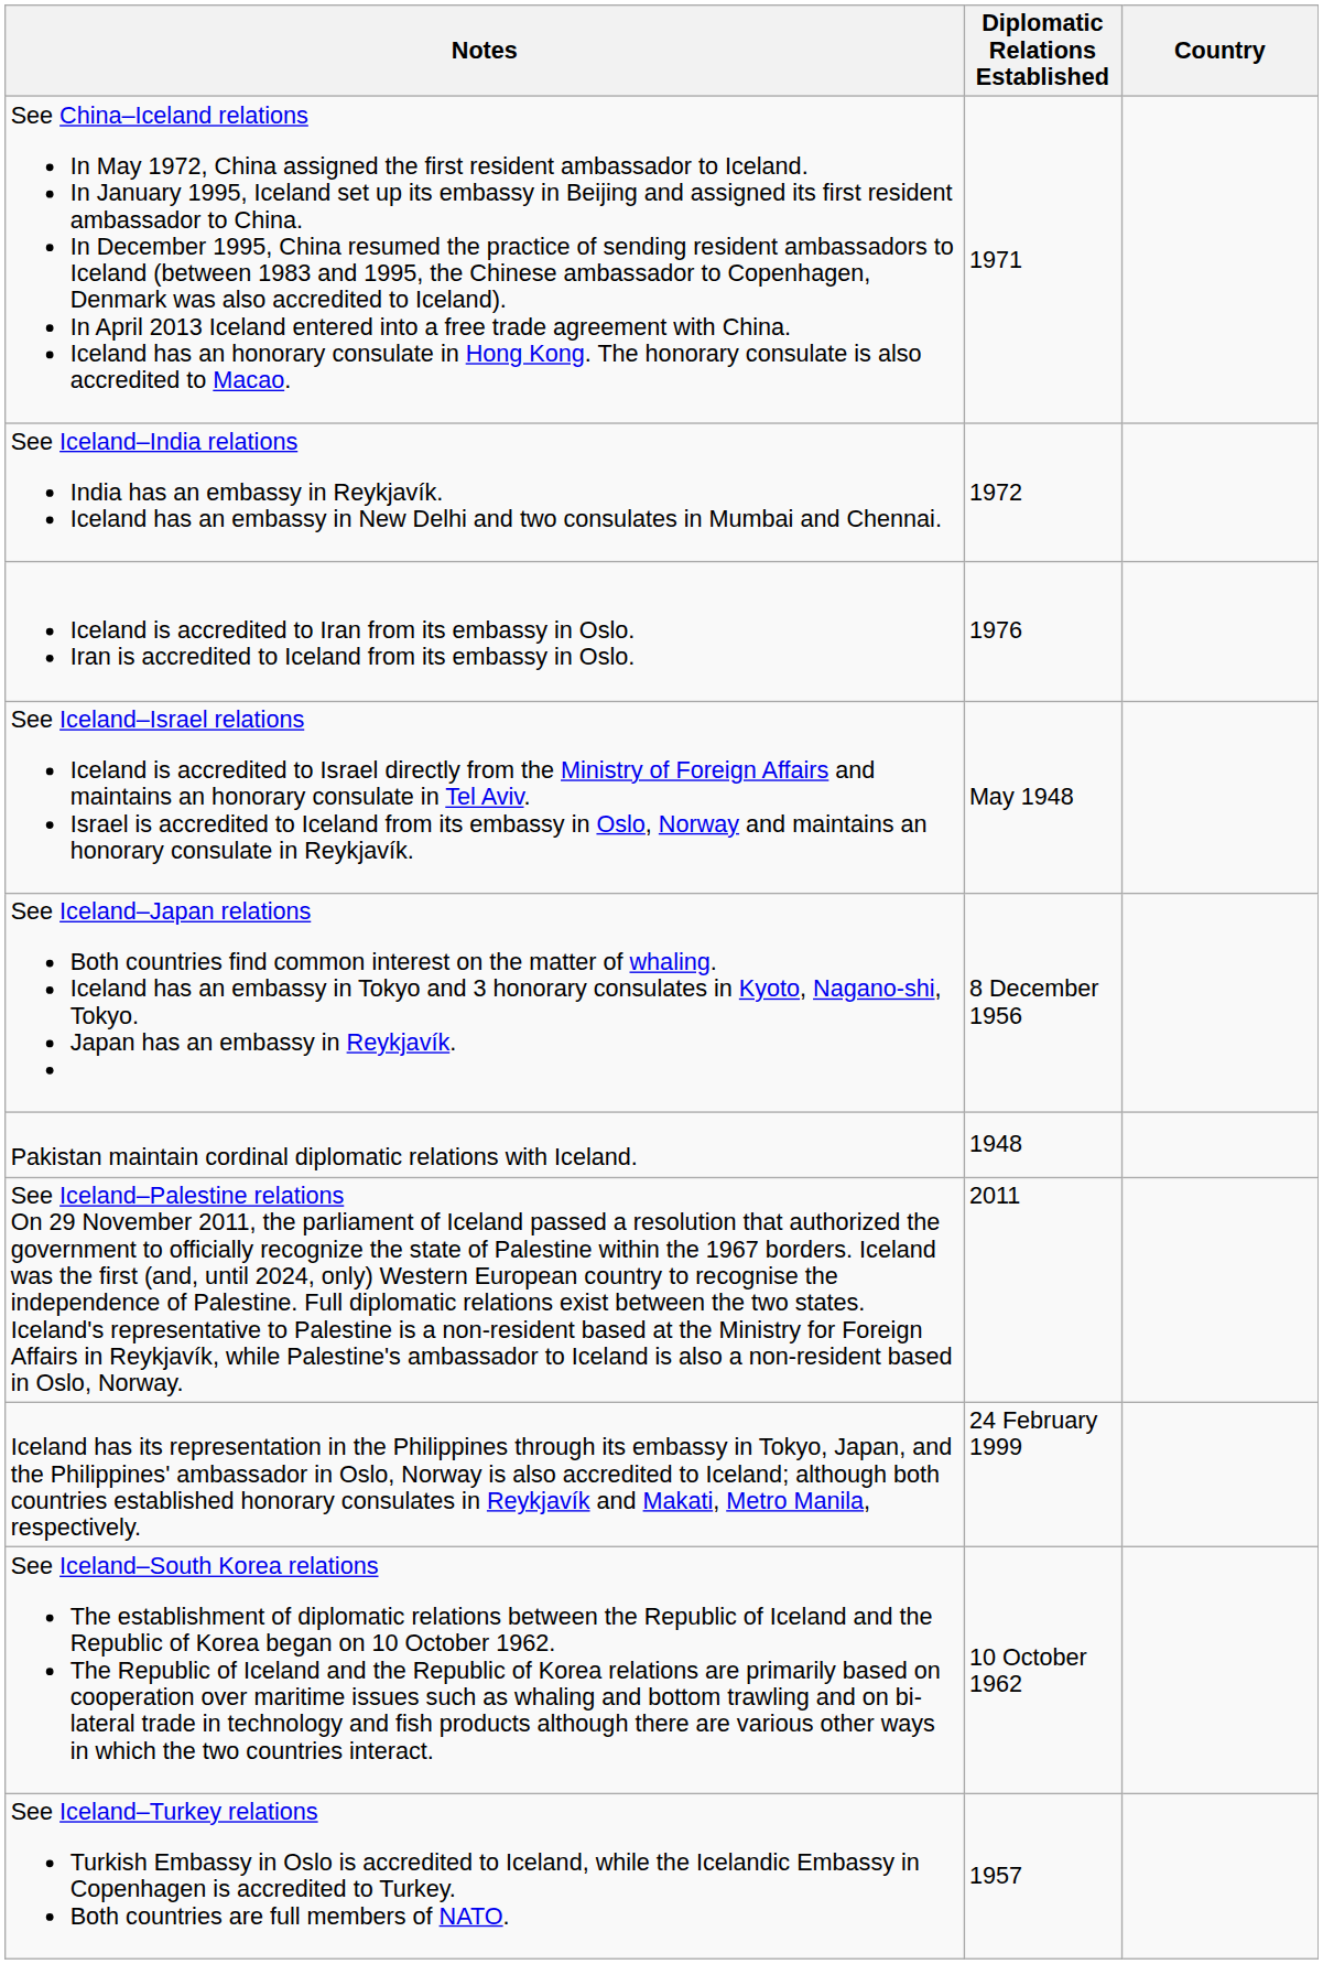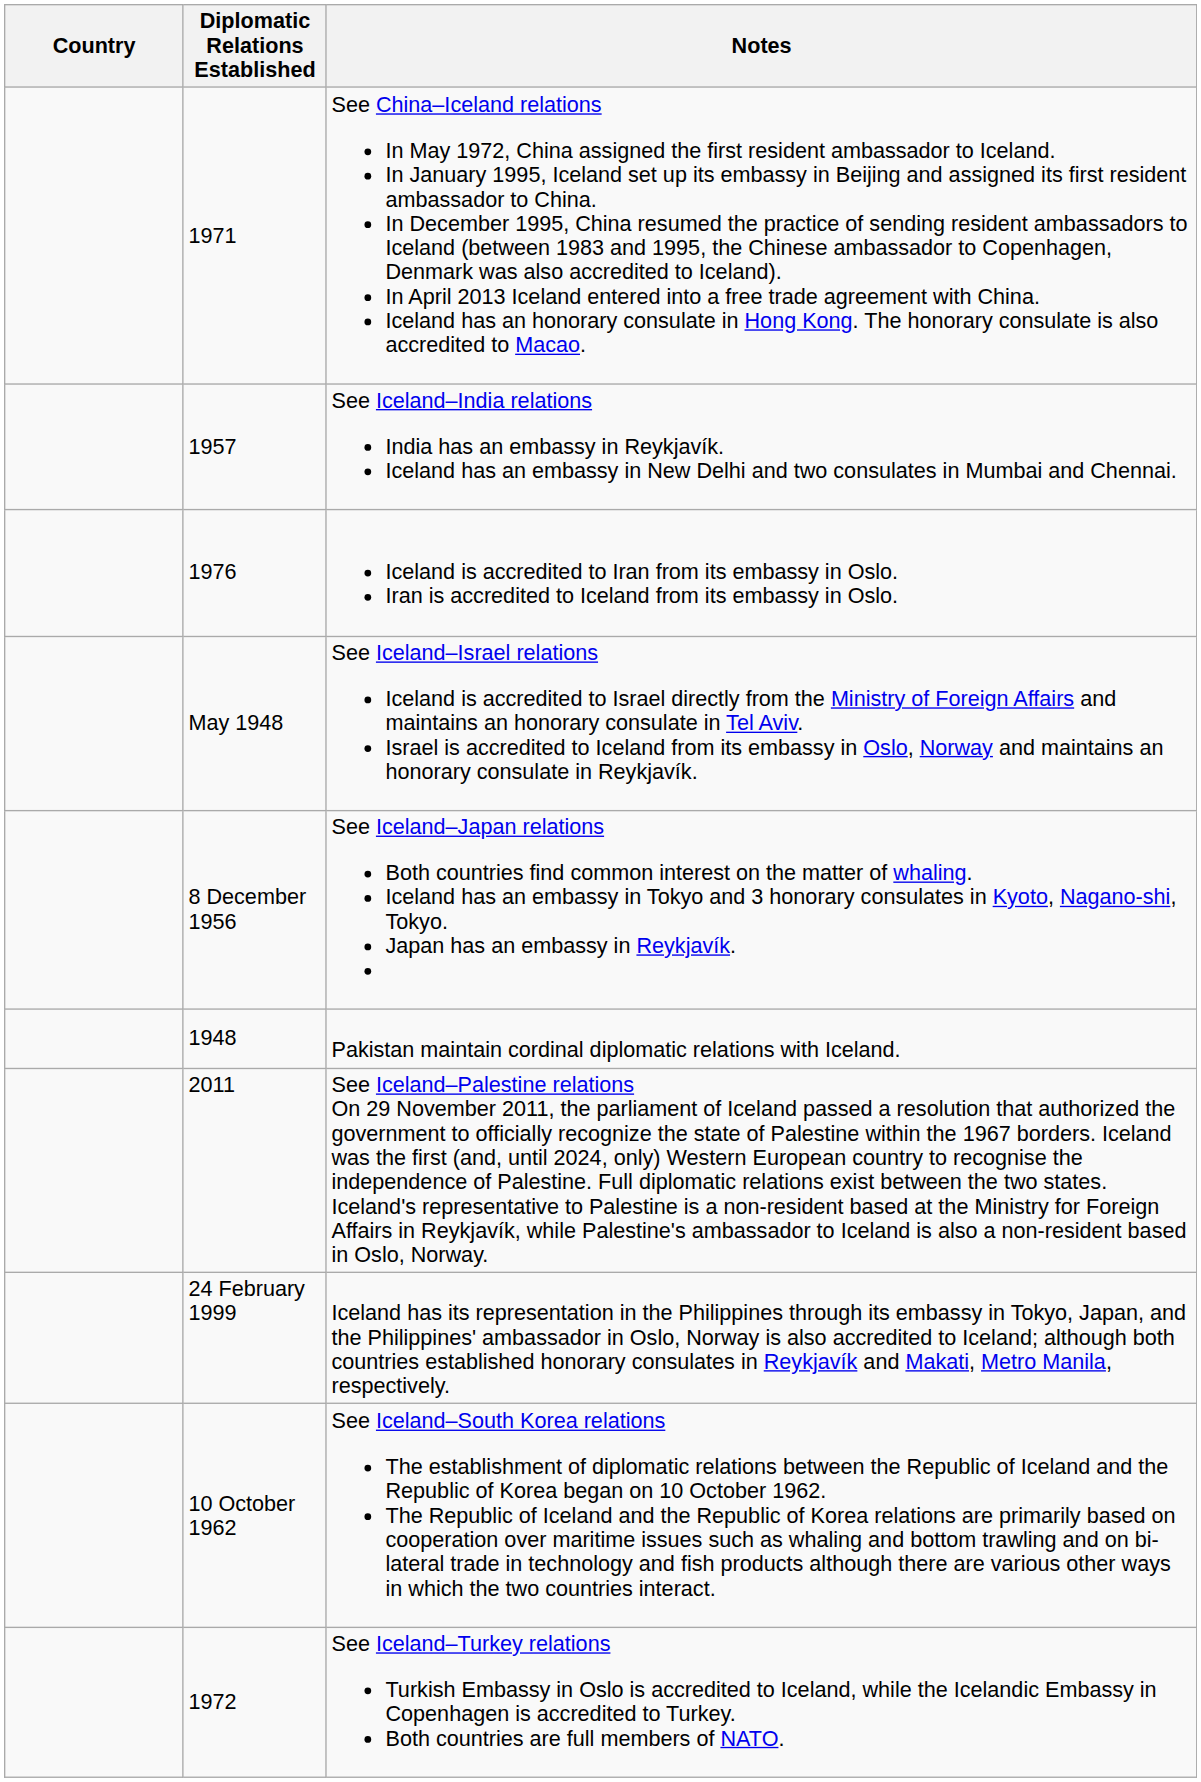 <table class="wikitable sortable" style="width:100%; margin:auto;">
 <tr>
+<th style="width:15%;">Country</th>
+<th style="width:12%;">Diplomatic Relations Established</th>
 <th>Notes</th>
-<th style="width:12%;">Diplomatic Relations Established</th>
-<th style="width:15%;">Country</th>
 </tr>
 <tr -valign="top">
+<td></td>
+<td>1971</td>
 <td>See <a href='#'>China–Iceland relations</a><br><ul><li>In May 1972, China assigned the first resident ambassador to Iceland.</li><li>In January 1995, Iceland set up its embassy in Beijing and assigned its first resident ambassador to China.</li><li>In December 1995, China resumed the practice of sending resident ambassadors to Iceland (between 1983 and 1995, the Chinese ambassador to Copenhagen, Denmark was also accredited to Iceland).</li><li>In April 2013 Iceland entered into a free trade agreement with China.</li><li>Iceland has an honorary consulate in <a href='#'>Hong Kong</a>. The honorary consulate is also accredited to <a href='#'>Macao</a>.</li></ul></td>
-<td>1971</td>
-<td></td>
 </tr>
 <tr -valign="top">
+<td></td>
+<td>1957</td>
 <td>See <a href='#'>Iceland–India relations</a><br><ul><li>India has an embassy in Reykjavík.</li><li>Iceland has an embassy in New Delhi and two consulates in Mumbai and Chennai.</li></ul></td>
-<td>1972</td>
-<td></td>
 </tr>
 <tr -valign="top">
+<td></td>
+<td>1976</td>
 <td><br><ul><li>Iceland is accredited to Iran from its embassy in Oslo.</li><li>Iran is accredited to Iceland from its embassy in Oslo.</li></ul></td>
-<td>1976</td>
-<td></td>
 </tr>
 <tr -valign="top">
+<td></td>
+<td>May 1948</td>
 <td>See <a href='#'>Iceland–Israel relations</a><br><ul><li>Iceland is accredited to Israel directly from the <a href='#'>Ministry of Foreign Affairs</a> and maintains an honorary consulate in <a href='#'>Tel Aviv</a>.</li><li>Israel is accredited to Iceland from its embassy in <a href='#'>Oslo</a>, <a href='#'>Norway</a> and maintains an honorary consulate in Reykjavík.</li></ul></td>
-<td>May 1948</td>
-<td></td>
 </tr>
 <tr -valign="top">
+<td></td>
+<td>8 December 1956</td>
 <td>See <a href='#'>Iceland–Japan relations</a><br><ul><li>Both countries find common interest on the matter of <a href='#'>whaling</a>.</li><li>Iceland has an embassy in Tokyo and 3 honorary consulates in <a href='#'>Kyoto</a>, <a href='#'>Nagano-shi</a>, Tokyo.</li><li>Japan has an embassy in <a href='#'>Reykjavík</a>.</li><li></li></ul></td>
-<td>8 December 1956</td>
-<td></td>
 </tr>
 <tr -valign="top">
+<td></td>
+<td>1948</td>
 <td><br>Pakistan maintain cordinal diplomatic relations with Iceland.</td>
-<td>1948</td>
-<td></td>
 </tr>
 <tr valign="top">
+<td></td>
+<td>2011</td>
 <td>See <a href='#'>Iceland–Palestine relations</a><br>On 29 November 2011, the parliament of Iceland passed a resolution that authorized the government to officially recognize the state of Palestine within the 1967 borders. Iceland was the first (and, until 2024, only) Western European country to recognise the independence of Palestine. Full diplomatic relations exist between the two states. Iceland's representative to Palestine is a non-resident based at the Ministry for Foreign Affairs in Reykjavík, while Palestine's ambassador to Iceland is also a non-resident based in Oslo, Norway.</td>
-<td>2011</td>
-<td></td>
 </tr>
 <tr valign="top">
+<td></td>
+<td>24 February 1999</td>
 <td><br>Iceland has its representation in the Philippines through its embassy in Tokyo, Japan, and the Philippines' ambassador in Oslo, Norway is also accredited to Iceland; although both countries established honorary consulates in <a href='#'>Reykjavík</a> and <a href='#'>Makati</a>, <a href='#'>Metro Manila</a>, respectively.</td>
-<td>24 February 1999</td>
-<td></td>
 </tr>
 <tr -valign="top">
+<td></td>
+<td> 10 October 1962</td>
 <td>See <a href='#'>Iceland–South Korea relations</a><br><ul><li>The establishment of diplomatic relations between the Republic of Iceland and the Republic of Korea began on 10 October 1962.</li><li>The Republic of Iceland and the Republic of Korea relations are primarily based on cooperation over maritime issues such as whaling and bottom trawling and on bi-lateral trade in technology and fish products although there are various other ways in which the two countries interact.</li></ul></td>
-<td> 10 October 1962</td>
-<td></td>
 </tr>
 <tr -valign="top">
+<td></td>
+<td>1972</td>
 <td>See <a href='#'>Iceland–Turkey relations</a><br><ul><li>Turkish Embassy in Oslo is accredited to Iceland, while the Icelandic Embassy in Copenhagen is accredited to Turkey.</li><li>Both countries are full members of <a href='#'>NATO</a>.</li></ul></td>
-<td>1957</td>
-<td></td>
 </tr>
 </table>
